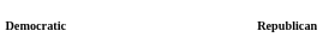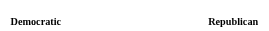 <table style="width:70%; text-align:center">
 <tr style="color:white">
 <td style="background:"><strong>161</strong></td>
-<td style="background:"><strong>9</strong></td>
 <td style="background:"><strong>187</strong></td>
 </tr>
 <tr>
 <td><span><strong>Democratic</strong></span></td>
-<td></td>
 <td><span><strong>Republican</strong></span></td>
 </tr>
 </table>
